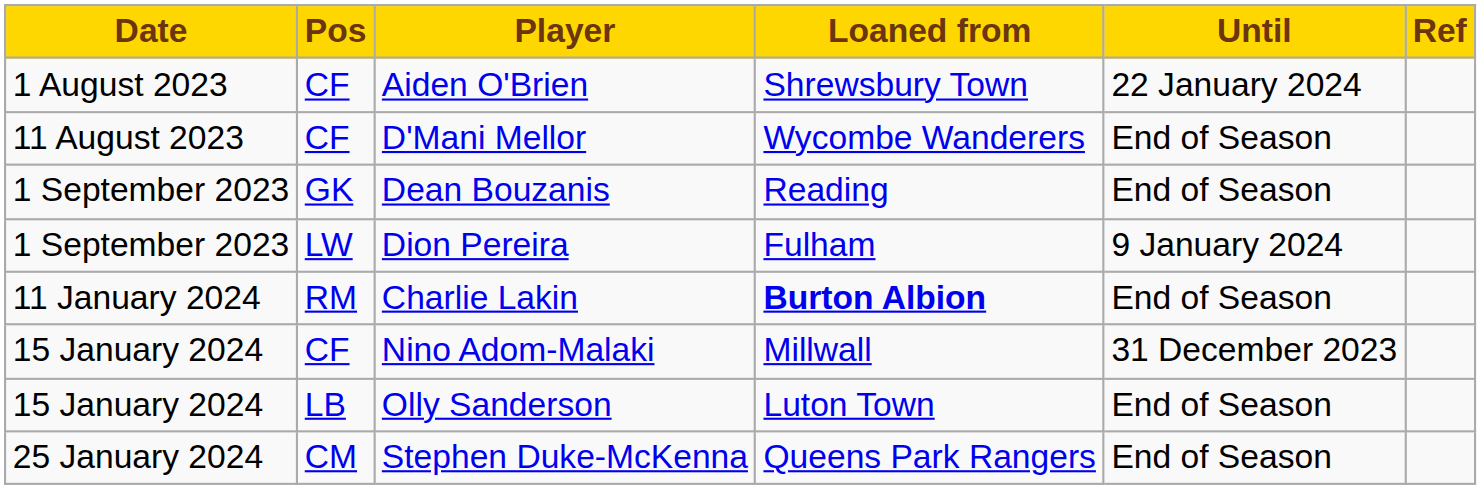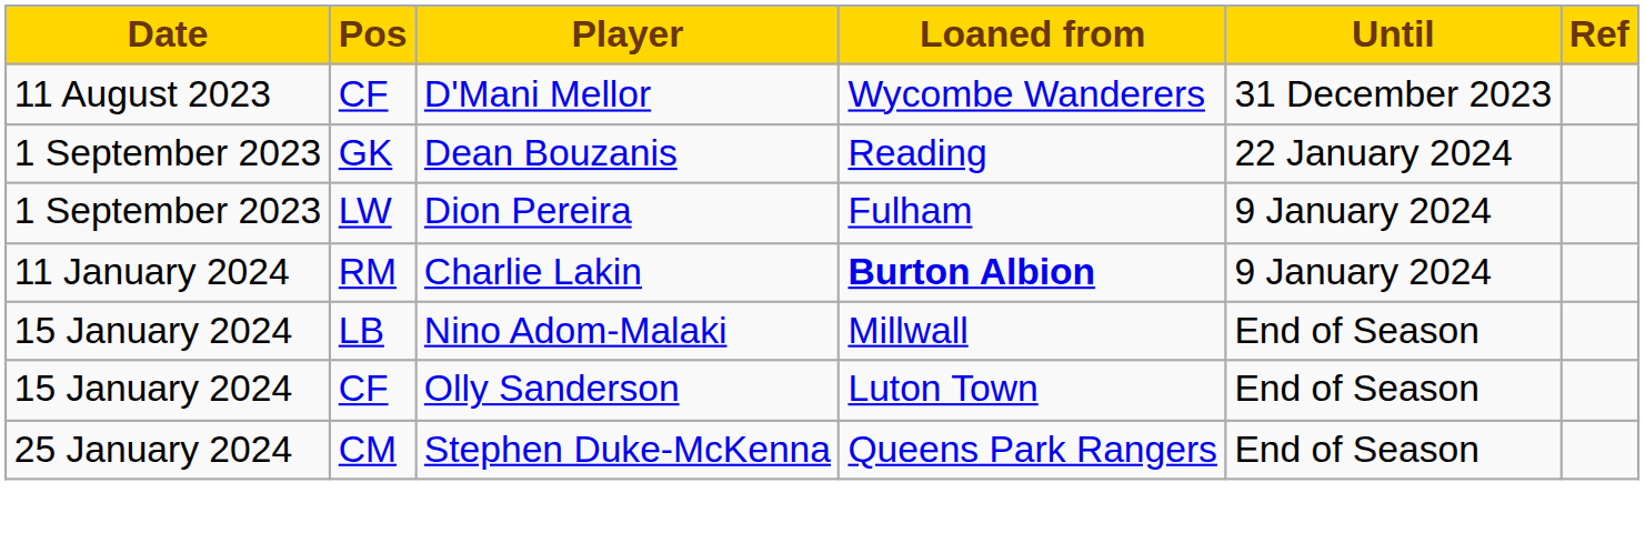 <table class="wikitable plainrowheaders sortable">
 <tr>
 <th style="background:#FFD700; color:#6A350F; ">Date</th>
 <th style="background:#FFD700; color:#6A350F; ">Pos</th>
 <th style="background:#FFD700; color:#6A350F; ">Player</th>
 <th style="background:#FFD700; color:#6A350F; ">Loaned from</th>
 <th style="background:#FFD700; color:#6A350F; ">Until</th>
 <th style="background:#FFD700; color:#6A350F; ">Ref</th>
 </tr>
 <tr>
-<td>1 August 2023</td>
-<td><a href='#'>CF</a></td>
-<td> <a href='#'>Aiden O'Brien</a></td>
-<td> <a href='#'>Shrewsbury Town</a></td>
-<td>22 January 2024</td>
-<td></td>
-</tr>
-<tr>
 <td>11 August 2023</td>
 <td><a href='#'>CF</a></td>
 <td> <a href='#'>D'Mani Mellor</a></td>
 <td> <a href='#'>Wycombe Wanderers</a></td>
-<td>End of Season</td>
+<td>31 December 2023</td>
 <td></td>
 </tr>
 <tr>
 <td>1 September 2023</td>
 <td><a href='#'>GK</a></td>
 <td> <a href='#'>Dean Bouzanis</a></td>
 <td> <a href='#'>Reading</a></td>
-<td>End of Season</td>
+<td>22 January 2024</td>
 <td></td>
 </tr>
 <tr>
 <td>1 September 2023</td>
 <td><a href='#'>LW</a></td>
 <td> <a href='#'>Dion Pereira</a></td>
 <td> <a href='#'>Fulham</a></td>
 <td>9 January 2024</td>
 <td></td>
 </tr>
 <tr>
 <td>11 January 2024</td>
 <td><a href='#'>RM</a></td>
 <td> <a href='#'>Charlie Lakin</a></td>
 <td><strong> <a href='#'>Burton Albion</a></strong></td>
+<td>9 January 2024</td>
+<td></td>
+</tr>
+<tr>
+<td>15 January 2024</td>
+<td><a href='#'>LB</a></td>
+<td> <a href='#'>Nino Adom-Malaki</a></td>
+<td> <a href='#'>Millwall</a></td>
 <td>End of Season</td>
 <td></td>
 </tr>
 <tr>
 <td>15 January 2024</td>
 <td><a href='#'>CF</a></td>
-<td> <a href='#'>Nino Adom-Malaki</a></td>
-<td> <a href='#'>Millwall</a></td>
-<td>31 December 2023</td>
-<td></td>
-</tr>
-<tr>
-<td>15 January 2024</td>
-<td><a href='#'>LB</a></td>
 <td> <a href='#'>Olly Sanderson</a></td>
 <td> <a href='#'>Luton Town</a></td>
 <td>End of Season</td>
 <td></td>
 </tr>
 <tr>
 <td>25 January 2024</td>
 <td><a href='#'>CM</a></td>
 <td> <a href='#'>Stephen Duke-McKenna</a></td>
 <td> <a href='#'>Queens Park Rangers</a></td>
 <td>End of Season</td>
 <td></td>
 </tr>
 </table>
